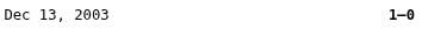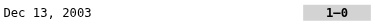 <table width=100% cellspacing=1>
 <tr>
 <th width=120></th>
 <th width=220></th>
 <th width=70></th>
 <th width=220></th>
 <th></th>
 </tr>
 <tr>
 <td align=right>Dec 13, 2003</td>
 <td align=right><strong></strong></td>
-<td align=center><strong>1–0</strong></td>
+<td align=center style="background: lightgrey;"><strong>1–0</strong></td>
 <td><strong></strong></td>
 </tr>
 </table>
